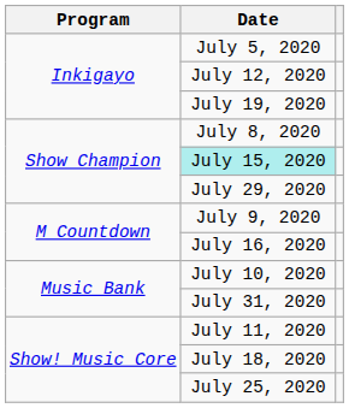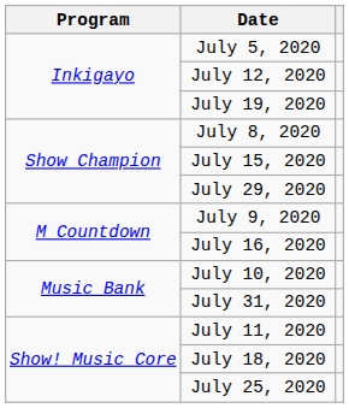 <table class="sortable wikitable" style="text-align:center;">
 <tr>
 <th>Program</th>
 <th width="110">Date</th>
 <th class="unsortable"></th>
 </tr>
 <tr>
 <td rowspan="3"><em><a href='#'>Inkigayo</a></em></td>
 <td>July 5, 2020</td>
 <td></td>
 </tr>
 <tr>
 <td>July 12, 2020</td>
 <td></td>
 </tr>
 <tr>
 <td>July 19, 2020</td>
 <td></td>
 </tr>
 <tr>
 <td rowspan="3"><em><a href='#'>Show Champion</a></em></td>
 <td>July 8, 2020</td>
 <td></td>
 </tr>
 <tr>
-<td style="background: paleturquoise;">July 15, 2020</td>
+<td>July 15, 2020</td>
 <td></td>
 </tr>
 <tr>
 <td>July 29, 2020</td>
 <td></td>
 </tr>
 <tr>
 <td rowspan="2"><em><a href='#'>M Countdown</a></em></td>
 <td>July 9, 2020</td>
 <td></td>
 </tr>
 <tr>
 <td>July 16, 2020</td>
 <td></td>
 </tr>
 <tr>
 <td rowspan="2"><em><a href='#'>Music Bank</a></em></td>
 <td>July 10, 2020</td>
 <td></td>
 </tr>
 <tr>
 <td>July 31, 2020</td>
 <td></td>
 </tr>
 <tr>
 <td rowspan="3"><em><a href='#'>Show! Music Core</a></em></td>
 <td>July 11, 2020</td>
 <td></td>
 </tr>
 <tr>
 <td>July 18, 2020</td>
 <td></td>
 </tr>
 <tr>
 <td>July 25, 2020</td>
 <td></td>
 </tr>
 </table>
